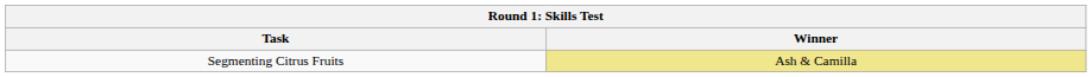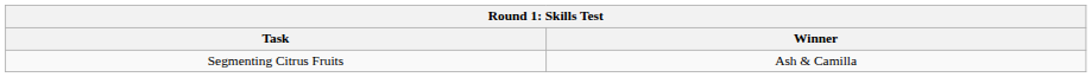 <table class="wikitable plainrowheaders" style="margin:1em auto; text-align:center; font-size:90%; width:80em;">
 <tr>
 <th colspan="2" >Round 1: Skills Test</th>
 </tr>
 <tr>
 <th style="width:50%;">Task</th>
 <th>Winner</th>
 </tr>
 <tr>
 <td>Segmenting Citrus Fruits</td>
-<td style="background: khaki;">Ash & Camilla</td>
+<td>Ash & Camilla</td>
 </tr>
 </table>
